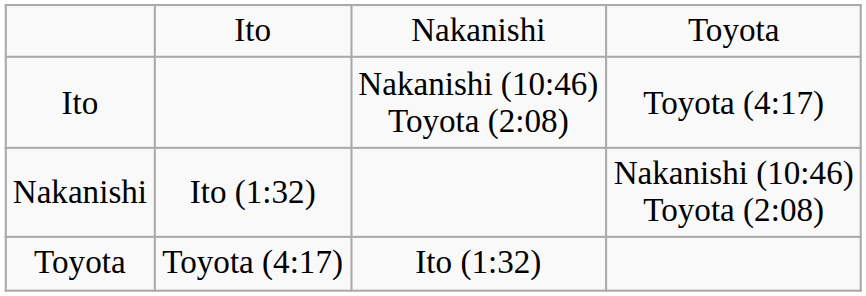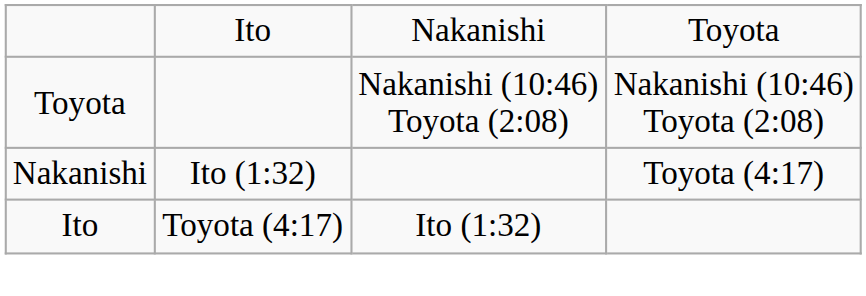 <table class="wikitable" style="margin: 1em auto 1em auto;text-align:center">
 <tr>
 <td></td>
 <td>Ito</td>
 <td>Nakanishi</td>
 <td>Toyota</td>
 </tr>
 <tr>
-<td>Ito</td>
+<td>Toyota</td>
 <td></td>
 <td> Nakanishi (10:46)<br> Toyota (2:08)</td>
-<td>Toyota (4:17)</td>
+<td> Nakanishi (10:46)<br> Toyota (2:08)</td>
 </tr>
 <tr>
 <td>Nakanishi</td>
 <td>Ito (1:32)</td>
 <td></td>
-<td> Nakanishi (10:46)<br> Toyota (2:08)</td>
+<td>Toyota (4:17)</td>
 </tr>
 <tr>
-<td>Toyota</td>
+<td>Ito</td>
 <td>Toyota (4:17)</td>
 <td>Ito (1:32)</td>
 <td></td>
 </tr>
 </table>
